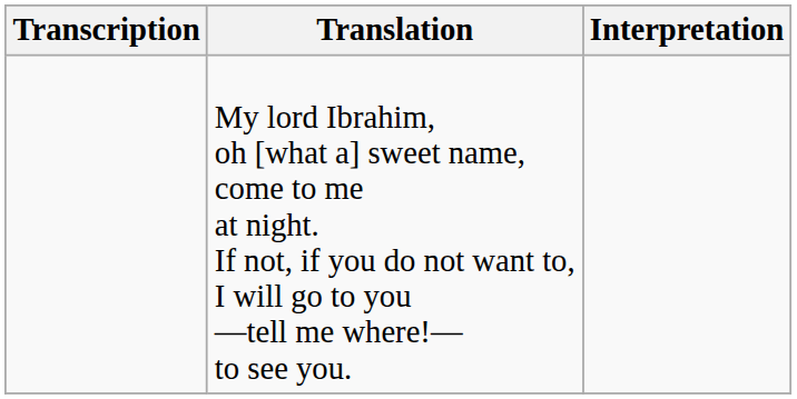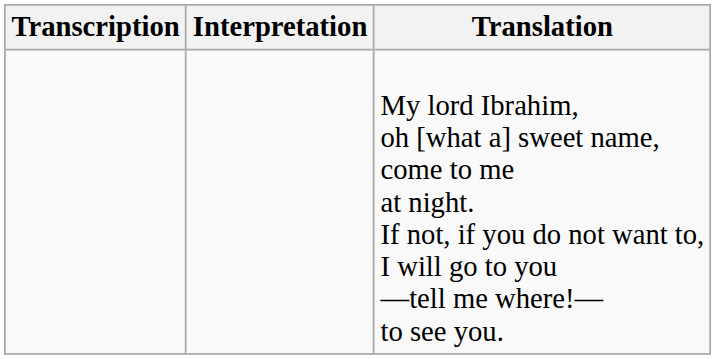 <table class="wikitable">
 <tr>
 <th>Transcription</th>
+<th>Interpretation</th>
 <th>Translation</th>
-<th>Interpretation</th>
 </tr>
 <tr>
 <td></td>
+<td></td>
 <td><br>My lord Ibrahim,<br>oh [what a] sweet name,<br>come to me<br>at night.<br>If not, if you do not want to,<br>I will go to you<br>—tell me where!—<br>to see you.</td>
-<td></td>
 </tr>
 </table>
